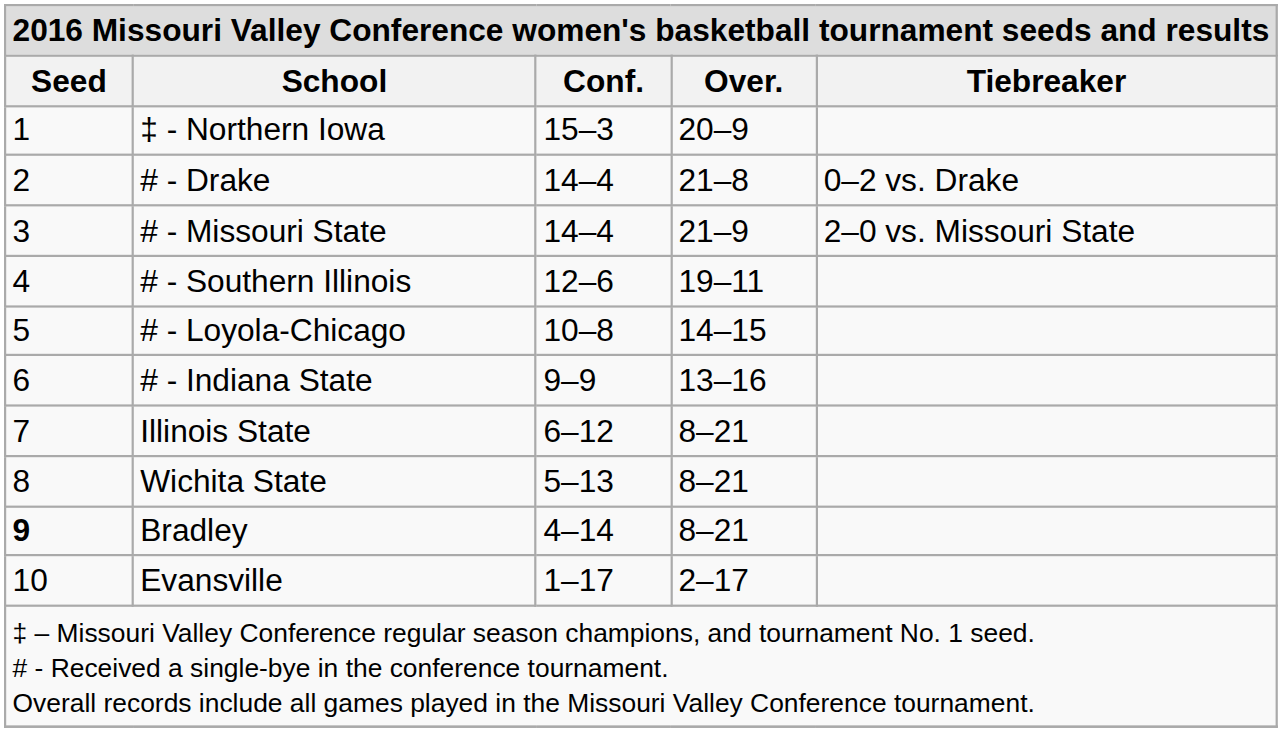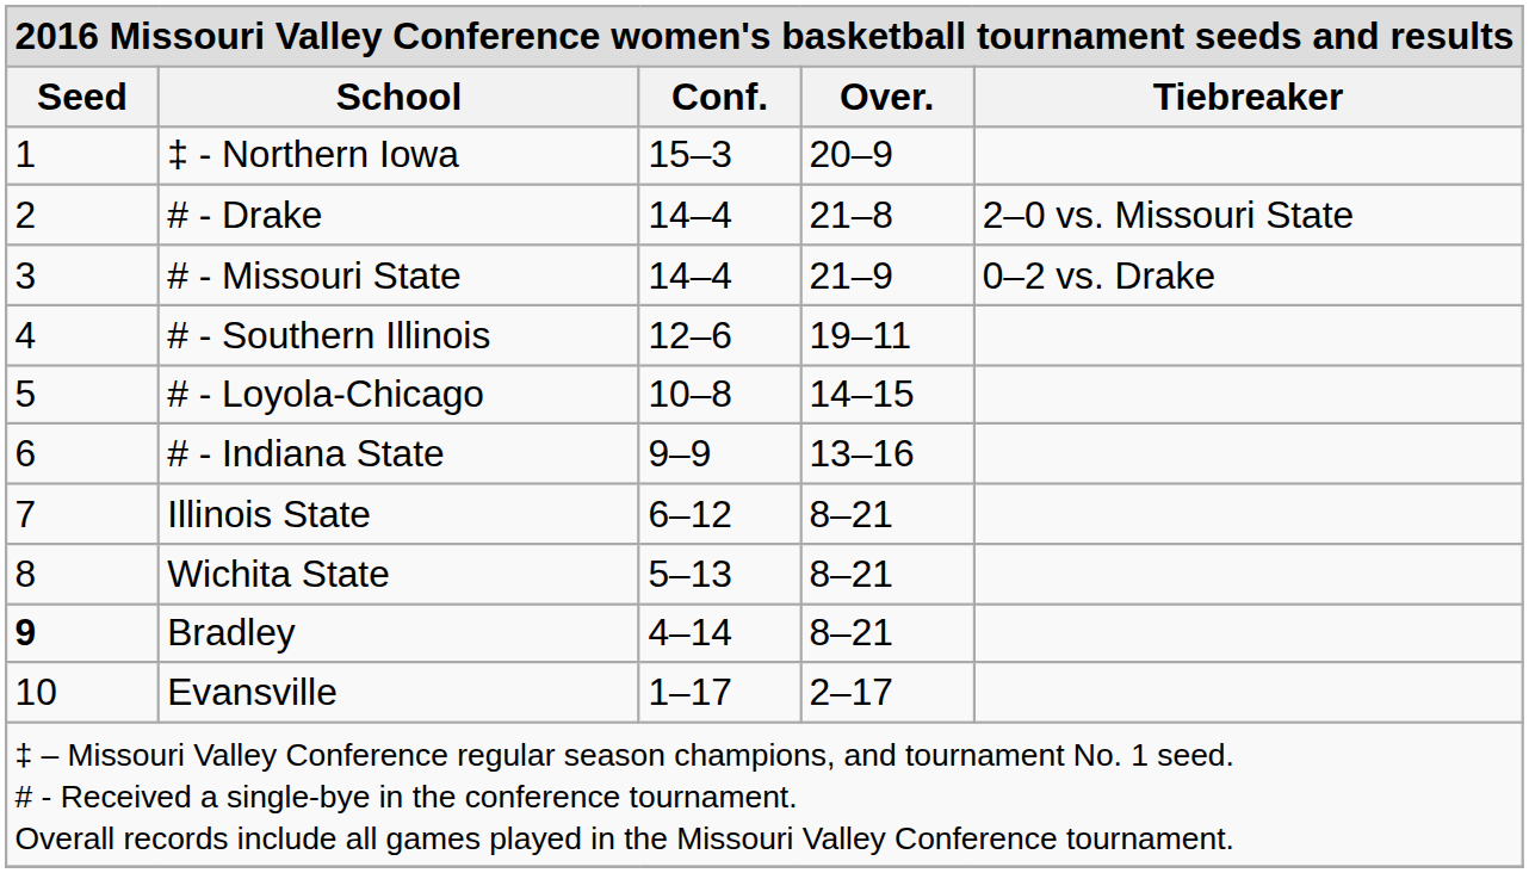 <table class="wikitable" style="white-space:nowrap; font-size:90%;">
 <tr>
 <td colspan="10" style="text-align:center; background:#DDDDDD; font:#000000"><strong>2016 Missouri Valley Conference women's basketball tournament seeds and results</strong></td>
 </tr>
 <tr bgcolor="#efefef">
 <th>Seed</th>
 <th>School</th>
 <th>Conf.</th>
 <th>Over.</th>
 <th>Tiebreaker</th>
 </tr>
 <tr>
 <td>1</td>
 <td>‡ - Northern Iowa</td>
 <td>15–3</td>
 <td>20–9</td>
 <td></td>
 </tr>
 <tr>
 <td>2</td>
 <td># - Drake</td>
 <td>14–4</td>
 <td>21–8</td>
-<td>0–2 vs. Drake</td>
+<td>2–0 vs. Missouri State</td>
 </tr>
 <tr>
 <td>3</td>
 <td># - Missouri State</td>
 <td>14–4</td>
 <td>21–9</td>
-<td>2–0 vs. Missouri State</td>
+<td>0–2 vs. Drake</td>
 </tr>
 <tr>
 <td>4</td>
 <td># - Southern Illinois</td>
 <td>12–6</td>
 <td>19–11</td>
 <td></td>
 </tr>
 <tr>
 <td>5</td>
 <td># - Loyola-Chicago</td>
 <td>10–8</td>
 <td>14–15</td>
 <td></td>
 </tr>
 <tr>
 <td>6</td>
 <td># - Indiana State</td>
 <td>9–9</td>
 <td>13–16</td>
 <td></td>
 </tr>
 <tr>
 <td>7</td>
 <td>Illinois State</td>
 <td>6–12</td>
 <td>8–21</td>
 <td></td>
 </tr>
 <tr>
 <td>8</td>
 <td>Wichita State</td>
 <td>5–13</td>
 <td>8–21</td>
 <td></td>
 </tr>
 <tr>
 <td><strong>9</strong></td>
 <td>Bradley</td>
 <td>4–14</td>
 <td>8–21</td>
 <td></td>
 </tr>
 <tr>
 <td>10</td>
 <td>Evansville</td>
 <td>1–17</td>
 <td>2–17</td>
 <td></td>
 </tr>
 <tr>
 <td colspan="10" style="text-align:left;"><small>‡ – Missouri Valley Conference regular season champions, and tournament No. 1 seed.<br># - Received a single-bye in the conference tournament.<br>Overall records include all games played in the Missouri Valley Conference tournament.</small></td>
 </tr>
 <tr>
 </tr>
 </table>
